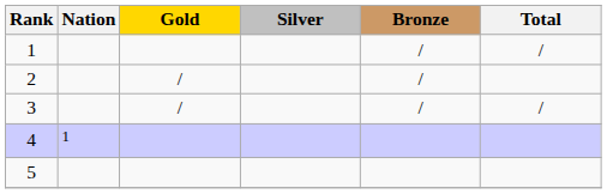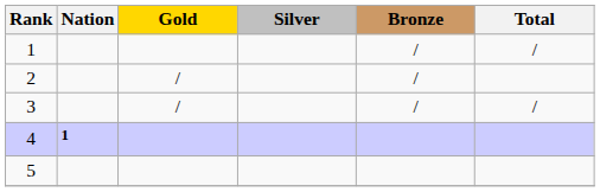 <table class="wikitable sortable plainrowheaders" style="text-align: center">
 <tr>
 <th scope="col">Rank</th>
 <th scope="col">Nation</th>
 <th scope="col" style="background-color:gold; width:6em;">Gold</th>
 <th scope="col" style="background-color:silver; width:6em;">Silver</th>
 <th scope="col" style="background-color:#cc9966; width:6em;">Bronze</th>
 <th scope="col" style="width:6em;">Total</th>
 </tr>
 <tr>
 <td>1</td>
 <td align=left> </td>
 <td></td>
 <td></td>
 <td>/</td>
 <td>/</td>
 </tr>
 <tr>
 <td>2</td>
 <td align=left> </td>
 <td>/</td>
 <td></td>
 <td>/</td>
 <td></td>
 </tr>
 <tr>
 <td>3</td>
 <td align=left> </td>
 <td>/</td>
 <td></td>
 <td>/</td>
 <td>/</td>
 </tr>
 <tr style="background-color:#ccccff">
 <td>4</td>
-<td align=left> <sup>1</sup></td>
+<td align=left><strong> <sup>1</sup></strong></td>
 <td></td>
 <td></td>
 <td></td>
 <td></td>
 </tr>
 <tr>
 <td>5</td>
 <td align=left></td>
 <td></td>
 <td></td>
 <td></td>
 <td></td>
 </tr>
 <tr>
 </tr>
 </table>
